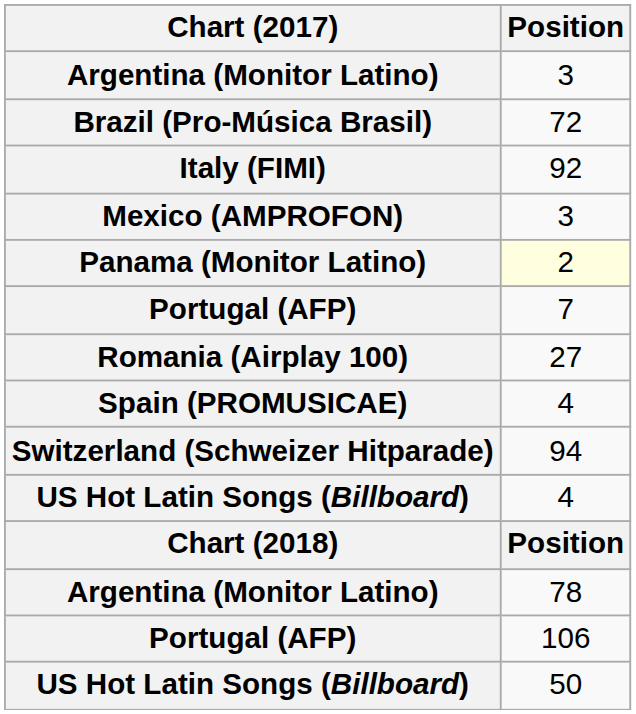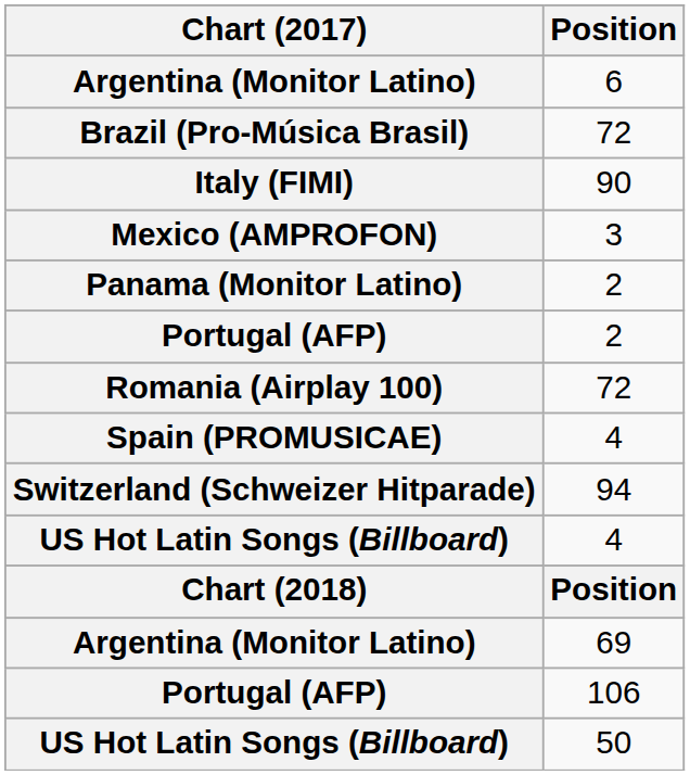 <table class="wikitable plainrowheaders sortable" style="text-align:center">
 <tr>
 <th scope="col">Chart (2017)</th>
 <th scope="col">Position</th>
 </tr>
 <tr>
 <th scope="row">Argentina (Monitor Latino)</th>
-<td>3</td>
+<td>6</td>
 </tr>
 <tr>
 <th scope="row">Brazil (Pro-Música Brasil)</th>
 <td>72</td>
 </tr>
 <tr>
 <th scope="row">Italy (FIMI)</th>
-<td>92</td>
+<td>90</td>
 </tr>
 <tr>
 <th scope="row">Mexico (AMPROFON)</th>
 <td>3</td>
 </tr>
 <tr>
 <th scope="row">Panama (Monitor Latino)</th>
-<td style="background: lightyellow;">2</td>
+<td>2</td>
 </tr>
 <tr>
 <th scope="row">Portugal (AFP)</th>
-<td>7</td>
+<td>2</td>
 </tr>
 <tr>
 <th scope="row">Romania (Airplay 100)</th>
-<td>27</td>
+<td>72</td>
 </tr>
 <tr>
 <th scope="row">Spain (PROMUSICAE)</th>
 <td>4</td>
 </tr>
 <tr>
 <th scope="row">Switzerland (Schweizer Hitparade)</th>
 <td>94</td>
 </tr>
 <tr>
 <th scope="row">US Hot Latin Songs (<em>Billboard</em>)</th>
 <td>4</td>
 </tr>
 <tr>
 <th scope="col">Chart (2018)</th>
 <th scope="col">Position</th>
 </tr>
 <tr>
 <th scope="row">Argentina (Monitor Latino)</th>
-<td>78</td>
+<td>69</td>
 </tr>
 <tr>
 <th scope="row">Portugal (AFP)</th>
 <td>106</td>
 </tr>
 <tr>
 <th scope="row">US Hot Latin Songs (<em>Billboard</em>)</th>
 <td>50</td>
 </tr>
 </table>
